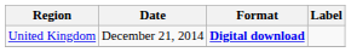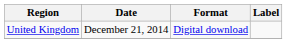 <table class=wikitable>
 <tr>
 <th>Region</th>
 <th>Date</th>
 <th>Format</th>
 <th>Label</th>
 </tr>
 <tr>
 <td><a href='#'>United Kingdom</a></td>
 <td>December 21, 2014</td>
-<td><strong><a href='#'>Digital download</a></strong></td>
+<td><a href='#'>Digital download</a></td>
 <td></td>
 </tr>
 <tr>
 </tr>
 </table>
